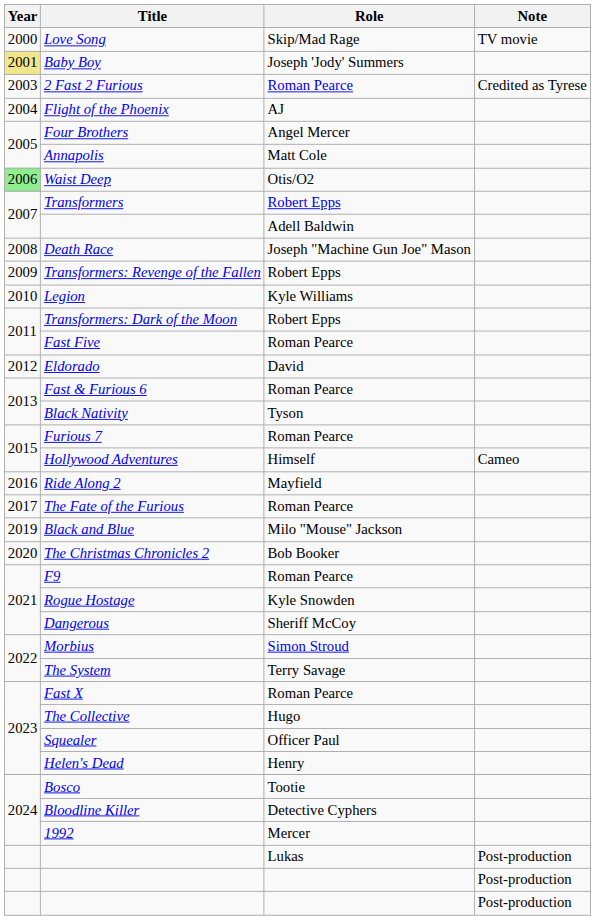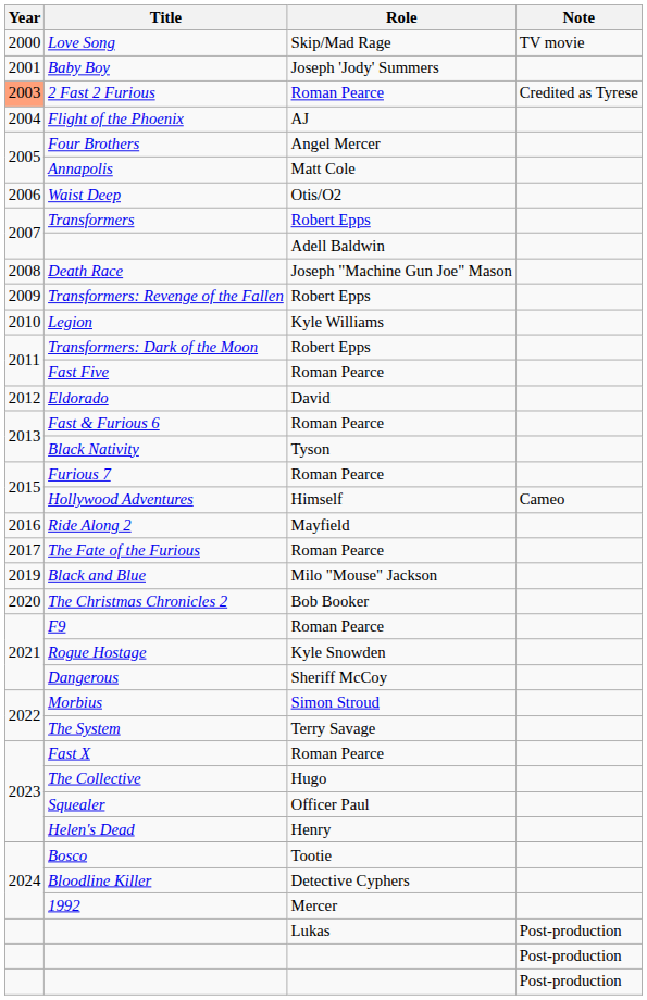 <table class = "wikitable sortable">
 <tr>
 <th>Year</th>
 <th>Title</th>
 <th>Role</th>
 <th>Note</th>
 </tr>
 <tr>
 <td>2000</td>
 <td><em><a href='#'>Love Song</a></em></td>
 <td>Skip/Mad Rage</td>
 <td>TV movie</td>
 </tr>
 <tr>
-<td style="background: khaki;">2001</td>
+<td>2001</td>
 <td><em><a href='#'>Baby Boy</a></em></td>
 <td>Joseph 'Jody' Summers</td>
 <td></td>
 </tr>
 <tr>
-<td>2003</td>
+<td style="background: lightsalmon;">2003</td>
 <td><em><a href='#'>2 Fast 2 Furious</a></em></td>
 <td><a href='#'>Roman Pearce</a></td>
 <td>Credited as Tyrese</td>
 </tr>
 <tr>
 <td>2004</td>
 <td><em><a href='#'>Flight of the Phoenix</a></em></td>
 <td>AJ</td>
 <td></td>
 </tr>
 <tr>
 <td rowspan="2">2005</td>
 <td><em><a href='#'>Four Brothers</a></em></td>
 <td>Angel Mercer</td>
 <td></td>
 </tr>
 <tr>
 <td><em><a href='#'>Annapolis</a></em></td>
 <td>Matt Cole</td>
 <td></td>
 </tr>
 <tr>
-<td style="background: lightgreen;">2006</td>
+<td>2006</td>
 <td><em><a href='#'>Waist Deep</a></em></td>
 <td>Otis/O2</td>
 <td></td>
 </tr>
 <tr>
 <td rowspan="2">2007</td>
 <td><em><a href='#'>Transformers</a></em></td>
 <td><a href='#'>Robert Epps</a></td>
 <td></td>
 </tr>
 <tr>
 <td><em></em></td>
 <td>Adell Baldwin</td>
 <td></td>
 </tr>
 <tr>
 <td>2008</td>
 <td><em><a href='#'>Death Race</a></em></td>
 <td>Joseph "Machine Gun Joe" Mason</td>
 <td></td>
 </tr>
 <tr>
 <td>2009</td>
 <td><em><a href='#'>Transformers: Revenge of the Fallen</a></em></td>
 <td>Robert Epps</td>
 <td></td>
 </tr>
 <tr>
 <td>2010</td>
 <td><em><a href='#'>Legion</a></em></td>
 <td>Kyle Williams</td>
 <td></td>
 </tr>
 <tr>
 <td rowspan="2">2011</td>
 <td><em><a href='#'>Transformers: Dark of the Moon</a></em></td>
 <td>Robert Epps</td>
 <td></td>
 </tr>
 <tr>
 <td><em><a href='#'>Fast Five</a></em></td>
 <td>Roman Pearce</td>
 <td></td>
 </tr>
 <tr>
 <td>2012</td>
 <td><em><a href='#'>Eldorado</a></em></td>
 <td>David</td>
 <td></td>
 </tr>
 <tr>
 <td rowspan="2">2013</td>
 <td><em><a href='#'>Fast & Furious 6</a></em></td>
 <td>Roman Pearce</td>
 <td></td>
 </tr>
 <tr>
 <td><em><a href='#'>Black Nativity</a></em></td>
 <td>Tyson</td>
 <td></td>
 </tr>
 <tr>
 <td rowspan="2">2015</td>
 <td><em><a href='#'>Furious 7</a></em></td>
 <td>Roman Pearce</td>
 <td></td>
 </tr>
 <tr>
 <td><em><a href='#'>Hollywood Adventures</a></em></td>
 <td>Himself</td>
 <td>Cameo</td>
 </tr>
 <tr>
 <td>2016</td>
 <td><em><a href='#'>Ride Along 2</a></em></td>
 <td>Mayfield</td>
 <td></td>
 </tr>
 <tr>
 <td>2017</td>
 <td><em><a href='#'>The Fate of the Furious</a></em></td>
 <td>Roman Pearce</td>
 <td></td>
 </tr>
 <tr>
 <td>2019</td>
 <td><em><a href='#'>Black and Blue</a></em></td>
 <td>Milo "Mouse" Jackson</td>
 <td></td>
 </tr>
 <tr>
 <td>2020</td>
 <td><em><a href='#'>The Christmas Chronicles 2</a></em></td>
 <td>Bob Booker</td>
 <td></td>
 </tr>
 <tr>
 <td rowspan="3">2021</td>
 <td><em><a href='#'>F9</a></em></td>
 <td>Roman Pearce</td>
 <td></td>
 </tr>
 <tr>
 <td><em><a href='#'>Rogue Hostage</a></em></td>
 <td>Kyle Snowden</td>
 <td></td>
 </tr>
 <tr>
 <td><em><a href='#'>Dangerous</a></em></td>
 <td>Sheriff McCoy</td>
 <td></td>
 </tr>
 <tr>
 <td rowspan="2">2022</td>
 <td><em><a href='#'>Morbius</a></em></td>
 <td><a href='#'>Simon Stroud</a></td>
 <td></td>
 </tr>
 <tr>
 <td><em><a href='#'>The System</a></em></td>
 <td>Terry Savage</td>
 <td></td>
 </tr>
 <tr>
 <td rowspan="4">2023</td>
 <td><em><a href='#'>Fast X</a></em></td>
 <td>Roman Pearce</td>
 <td></td>
 </tr>
 <tr>
 <td><em><a href='#'>The Collective</a></em></td>
 <td>Hugo</td>
 <td></td>
 </tr>
 <tr>
 <td><em><a href='#'>Squealer</a></em></td>
 <td>Officer Paul</td>
 <td></td>
 </tr>
 <tr>
 <td><em><a href='#'>Helen's Dead</a></em></td>
 <td>Henry</td>
 <td></td>
 </tr>
 <tr>
 </tr>
 <tr>
 <td rowspan="3">2024</td>
 <td><em><a href='#'>Bosco</a></em></td>
 <td>Tootie</td>
 <td></td>
 </tr>
 <tr>
 <td><em><a href='#'>Bloodline Killer</a></em></td>
 <td>Detective Cyphers</td>
 <td></td>
 </tr>
 <tr>
 <td><em><a href='#'>1992</a></em></td>
 <td>Mercer</td>
 <td></td>
 </tr>
 <tr>
 <td></td>
 <td></td>
 <td>Lukas</td>
 <td>Post-production</td>
 </tr>
 <tr>
 <td></td>
 <td></td>
 <td></td>
 <td>Post-production</td>
 </tr>
 <tr>
 <td></td>
 <td></td>
 <td></td>
 <td>Post-production</td>
 </tr>
 </table>
